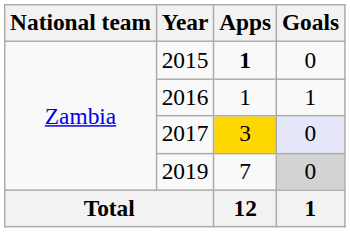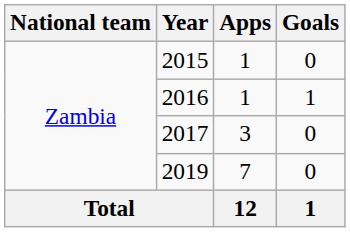 <table class="wikitable" style="text-align:center">
 <tr>
 <th>National team</th>
 <th>Year</th>
 <th>Apps</th>
 <th>Goals</th>
 </tr>
 <tr>
 <td rowspan="4"><a href='#'>Zambia</a></td>
 <td>2015</td>
-<td><strong>1</strong></td>
+<td>1</td>
 <td>0</td>
 </tr>
 <tr>
 <td>2016</td>
 <td>1</td>
 <td>1</td>
 </tr>
 <tr>
 <td>2017</td>
-<td style="background: gold;">3</td>
-<td style="background: lavender;">0</td>
+<td>3</td>
+<td>0</td>
 </tr>
 <tr>
 <td>2019</td>
 <td>7</td>
-<td style="background: lightgrey;">0</td>
+<td>0</td>
 </tr>
 <tr>
 <th colspan=2>Total</th>
 <th>12</th>
 <th>1</th>
 </tr>
 </table>
